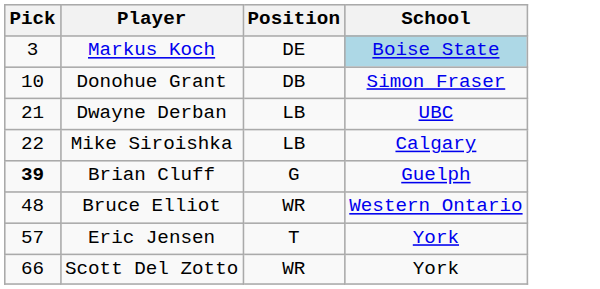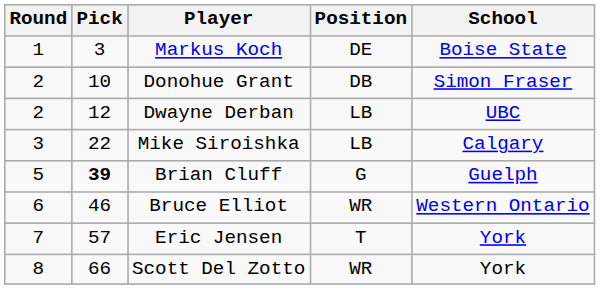 <table class="wikitable" style="font-size: 95%;">
 <tr>
+<th scope="col">Round</th>
 <th scope="col">Pick</th>
 <th scope="col">Player</th>
 <th scope="col">Position</th>
 <th scope="col">School</th>
 </tr>
 <tr align="center">
+<td align=center>1</td>
 <td>3</td>
 <td><a href='#'>Markus Koch</a></td>
 <td>DE</td>
-<td style="background: lightblue;"><a href='#'>Boise State</a></td>
+<td><a href='#'>Boise State</a></td>
 </tr>
 <tr align="center">
+<td align=center>2</td>
 <td>10</td>
 <td>Donohue Grant</td>
 <td>DB</td>
 <td><a href='#'>Simon Fraser</a></td>
 </tr>
 <tr align="center">
-<td>21</td>
+<td align=center>2</td>
+<td>12</td>
 <td>Dwayne Derban</td>
 <td>LB</td>
 <td><a href='#'>UBC</a></td>
 </tr>
 <tr align="center">
+<td align=center>3</td>
 <td>22</td>
 <td>Mike Siroishka</td>
 <td>LB</td>
 <td><a href='#'>Calgary</a></td>
 </tr>
 <tr align="center">
+<td align=center>5</td>
 <td><strong>39</strong></td>
 <td>Brian Cluff</td>
 <td>G</td>
 <td><a href='#'>Guelph</a></td>
 </tr>
 <tr align="center">
-<td>48</td>
+<td align=center>6</td>
+<td>46</td>
 <td>Bruce Elliot</td>
 <td>WR</td>
 <td><a href='#'>Western Ontario</a></td>
 </tr>
 <tr align="center">
+<td align=center>7</td>
 <td>57</td>
 <td>Eric Jensen</td>
 <td>T</td>
 <td><a href='#'>York</a></td>
 </tr>
 <tr align="center">
+<td align=center>8</td>
 <td>66</td>
 <td>Scott Del Zotto</td>
 <td>WR</td>
 <td>York</td>
 </tr>
 </table>
